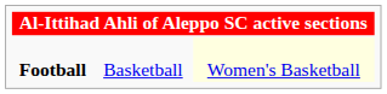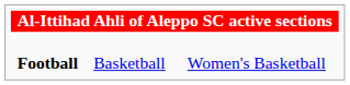 <table class="infobox" style="width: 20em; font-size: 95%em;">
 <tr style="color:white; background:red; text-align:center;">
 <th colspan="3">Al-Ittihad Ahli of Aleppo SC active sections</th>
 </tr>
 <tr style="text-align: center">
 <td><br><strong>Football</strong></td>
 <td><br><a href='#'>Basketball</a></td>
-<td style="background: lightyellow;"><br><a href='#'>Women's Basketball</a></td>
+<td><br><a href='#'>Women's Basketball</a></td>
 </tr>
 </table>
